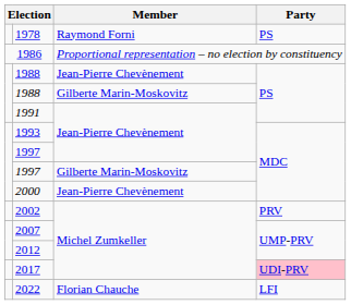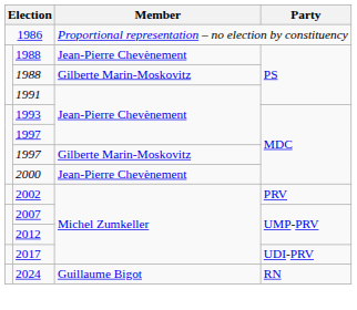 <table class="wikitable">
 <tr>
 <th colspan="2">Election</th>
 <th>Member</th>
 <th>Party</th>
-</tr>
-<tr>
-<td style="background-color: "></td>
-<td><a href='#'>1978</a></td>
-<td><a href='#'>Raymond Forni</a></td>
-<td><a href='#'>PS</a></td>
 </tr>
 <tr>
 <td colspan="2" align="center"><a href='#'>1986</a></td>
 <td colspan="2"><em><a href='#'>Proportional representation</a> – no election by constituency</em></td>
 </tr>
 <tr>
 <td rowspan="3" style="background-color: "></td>
 <td><a href='#'>1988</a></td>
 <td><a href='#'>Jean-Pierre Chevènement</a></td>
 <td rowspan="3"><a href='#'>PS</a></td>
 </tr>
 <tr>
 <td><em>1988</em></td>
 <td><a href='#'>Gilberte Marin-Moskovitz</a></td>
 </tr>
 <tr>
 <td><em>1991</em></td>
 <td rowspan="3"><a href='#'>Jean-Pierre Chevènement</a></td>
 </tr>
 <tr>
 <td rowspan="4" style="background-color: "></td>
 <td><a href='#'>1993</a></td>
 <td rowspan="4"><a href='#'>MDC</a></td>
 </tr>
 <tr>
 <td><a href='#'>1997</a></td>
 </tr>
 <tr>
 <td><em>1997</em></td>
 <td><a href='#'>Gilberte Marin-Moskovitz</a></td>
 </tr>
 <tr>
 <td><em>2000</em></td>
 <td><a href='#'>Jean-Pierre Chevènement</a></td>
 </tr>
 <tr>
 <td style="background-color: "></td>
 <td><a href='#'>2002</a></td>
 <td rowspan=4><a href='#'>Michel Zumkeller</a></td>
 <td><a href='#'>PRV</a></td>
 </tr>
 <tr>
 <td rowspan="2" style="background-color: "></td>
 <td><a href='#'>2007</a></td>
 <td rowspan=2><a href='#'>UMP</a>-<a href='#'>PRV</a></td>
 </tr>
 <tr>
 <td><a href='#'>2012</a></td>
 </tr>
 <tr>
 <td style="background-color: "></td>
 <td><a href='#'>2017</a></td>
-<td style="background: pink;"><a href='#'>UDI</a>-<a href='#'>PRV</a></td>
+<td><a href='#'>UDI</a>-<a href='#'>PRV</a></td>
 </tr>
 <tr>
 <td style="background-color: "></td>
-<td><a href='#'>2022</a></td>
-<td><a href='#'>Florian Chauche</a></td>
-<td><a href='#'>LFI</a></td>
+<td><a href='#'>2024</a></td>
+<td><a href='#'>Guillaume Bigot</a></td>
+<td><a href='#'>RN</a></td>
 </tr>
 </table>
